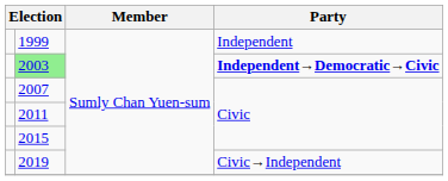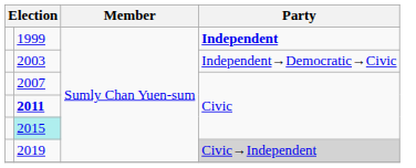 <table class="wikitable">
 <tr>
 <th colspan="2">Election</th>
 <th>Member</th>
 <th>Party</th>
 </tr>
 <tr>
 <td style="background-color: "></td>
 <td><a href='#'>1999</a></td>
 <td rowspan=6><a href='#'>Sumly Chan Yuen-sum</a></td>
-<td><a href='#'>Independent</a></td>
+<td><strong><a href='#'>Independent</a></strong></td>
 </tr>
 <tr>
 <td style="background-color: "></td>
-<td style="background: lightgreen;"><a href='#'>2003</a></td>
-<td><strong><a href='#'>Independent</a>→<a href='#'>Democratic</a>→<a href='#'>Civic</a></strong></td>
+<td><a href='#'>2003</a></td>
+<td><a href='#'>Independent</a>→<a href='#'>Democratic</a>→<a href='#'>Civic</a></td>
 </tr>
 <tr>
 <td style="background-color: "></td>
 <td><a href='#'>2007</a></td>
 <td rowspan=3><a href='#'>Civic</a></td>
 </tr>
 <tr>
 <td style="background-color: "></td>
-<td><a href='#'>2011</a></td>
+<td><strong><a href='#'>2011</a></strong></td>
 </tr>
 <tr>
 <td style="background-color: "></td>
-<td><a href='#'>2015</a></td>
+<td style="background: paleturquoise;"><a href='#'>2015</a></td>
 </tr>
 <tr>
 <td style="background-color: "></td>
 <td><a href='#'>2019</a></td>
-<td><a href='#'>Civic</a>→<a href='#'>Independent</a></td>
+<td style="background: lightgrey;"><a href='#'>Civic</a>→<a href='#'>Independent</a></td>
 </tr>
 <tr>
 </tr>
 </table>
